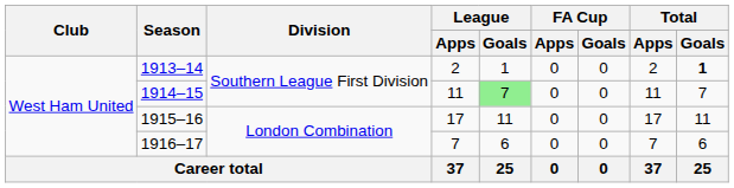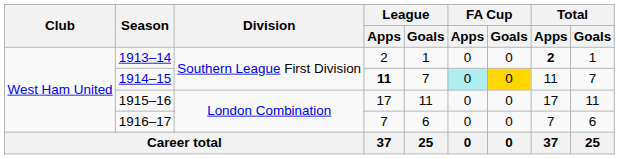 <table class="wikitable" style="text-align:center;">
 <tr>
 <th rowspan="2">Club</th>
 <th rowspan="2">Season</th>
 <th rowspan="2">Division</th>
 <th colspan="2">League</th>
 <th colspan="2">FA Cup</th>
 <th colspan="2">Total</th>
 </tr>
 <tr>
 <th>Apps</th>
 <th>Goals</th>
 <th>Apps</th>
 <th>Goals</th>
 <th>Apps</th>
 <th>Goals</th>
 </tr>
 <tr>
 <td rowspan="4"><a href='#'>West Ham United</a></td>
 <td><a href='#'>1913–14</a></td>
 <td rowspan="2"><a href='#'>Southern League</a> First Division</td>
 <td>2</td>
 <td>1</td>
 <td>0</td>
 <td>0</td>
-<td>2</td>
-<td><strong>1</strong></td>
+<td><strong>2</strong></td>
+<td>1</td>
 </tr>
 <tr>
 <td><a href='#'>1914–15</a></td>
-<td>11</td>
-<td style="background: lightgreen;">7</td>
-<td>0</td>
-<td>0</td>
+<td><strong>11</strong></td>
+<td>7</td>
+<td style="background: paleturquoise;">0</td>
+<td style="background: gold;">0</td>
 <td>11</td>
 <td>7</td>
 </tr>
 <tr>
 <td>1915–16</td>
 <td rowspan="2"><a href='#'>London Combination</a></td>
 <td>17</td>
 <td>11</td>
 <td>0</td>
 <td>0</td>
 <td>17</td>
 <td>11</td>
 </tr>
 <tr>
 <td>1916–17</td>
 <td>7</td>
 <td>6</td>
 <td>0</td>
 <td>0</td>
 <td>7</td>
 <td>6</td>
 </tr>
 <tr>
 <th colspan="3">Career total</th>
 <th>37</th>
 <th>25</th>
 <th>0</th>
 <th>0</th>
 <th>37</th>
 <th>25</th>
 </tr>
 </table>
